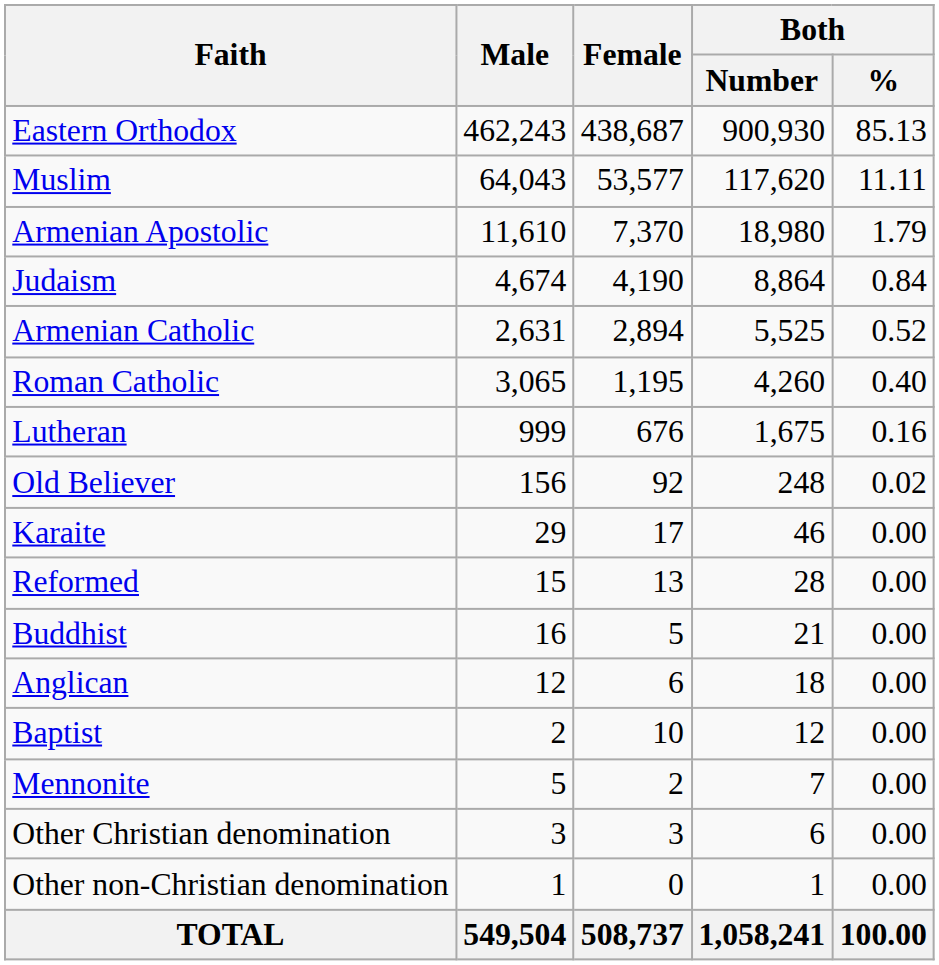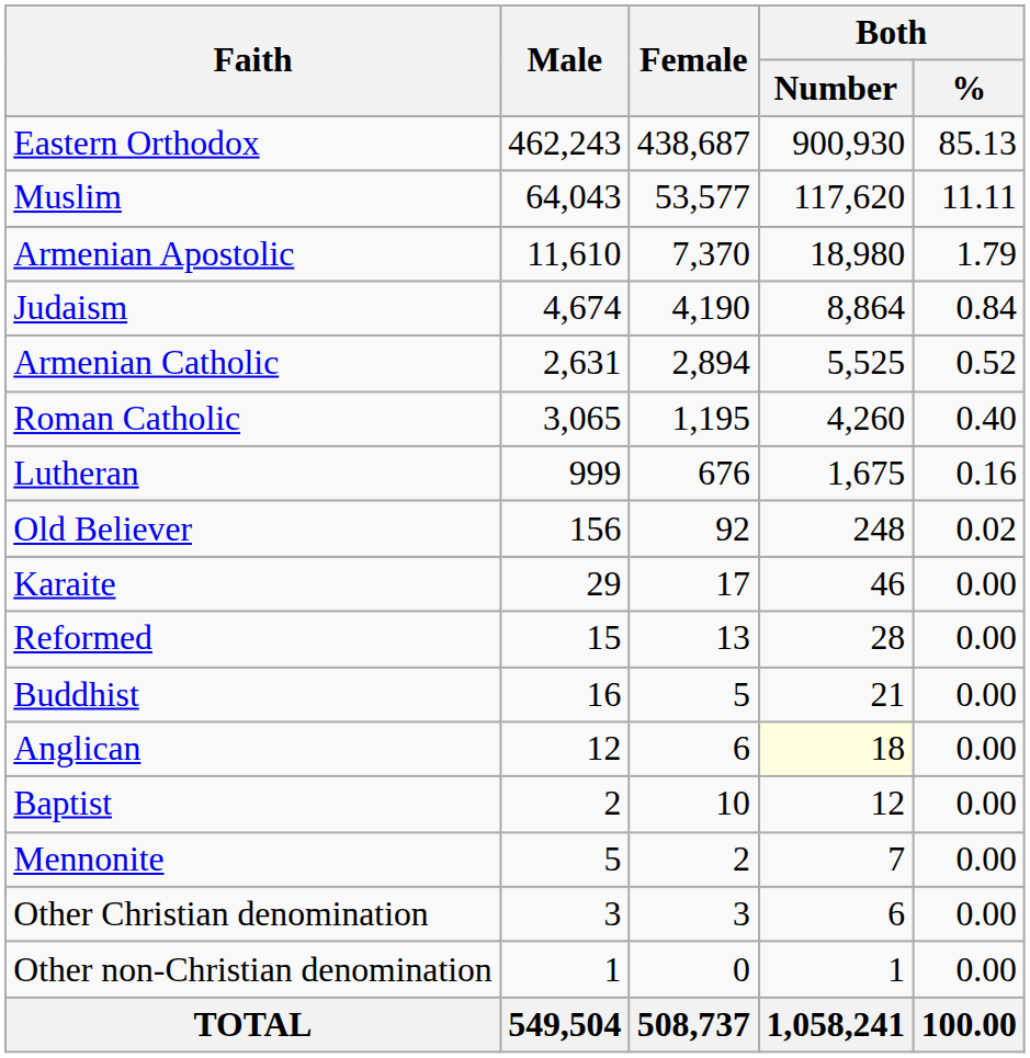 <table class="wikitable sortable">
 <tr>
 <th rowspan="2">Faith</th>
 <th rowspan="2">Male</th>
 <th rowspan="2">Female</th>
 <th colspan="2">Both</th>
 </tr>
 <tr>
 <th>Number</th>
 <th>%</th>
 </tr>
 <tr>
 <td><a href='#'>Eastern Orthodox</a></td>
 <td align="right">462,243</td>
 <td align="right">438,687</td>
 <td align="right">900,930</td>
 <td align="right">85.13</td>
 </tr>
 <tr>
 <td><a href='#'>Muslim</a></td>
 <td align="right">64,043</td>
 <td align="right">53,577</td>
 <td align="right">117,620</td>
 <td align="right">11.11</td>
 </tr>
 <tr>
 <td><a href='#'>Armenian Apostolic</a></td>
 <td align="right">11,610</td>
 <td align="right">7,370</td>
 <td align="right">18,980</td>
 <td align="right">1.79</td>
 </tr>
 <tr>
 <td><a href='#'>Judaism</a></td>
 <td align="right">4,674</td>
 <td align="right">4,190</td>
 <td align="right">8,864</td>
 <td align="right">0.84</td>
 </tr>
 <tr>
 <td><a href='#'>Armenian Catholic</a></td>
 <td align="right">2,631</td>
 <td align="right">2,894</td>
 <td align="right">5,525</td>
 <td align="right">0.52</td>
 </tr>
 <tr>
 <td><a href='#'>Roman Catholic</a></td>
 <td align="right">3,065</td>
 <td align="right">1,195</td>
 <td align="right">4,260</td>
 <td align="right">0.40</td>
 </tr>
 <tr>
 <td><a href='#'>Lutheran</a></td>
 <td align="right">999</td>
 <td align="right">676</td>
 <td align="right">1,675</td>
 <td align="right">0.16</td>
 </tr>
 <tr>
 <td><a href='#'>Old Believer</a></td>
 <td align="right">156</td>
 <td align="right">92</td>
 <td align="right">248</td>
 <td align="right">0.02</td>
 </tr>
 <tr>
 <td><a href='#'>Karaite</a></td>
 <td align="right">29</td>
 <td align="right">17</td>
 <td align="right">46</td>
 <td align="right">0.00</td>
 </tr>
 <tr>
 <td><a href='#'>Reformed</a></td>
 <td align="right">15</td>
 <td align="right">13</td>
 <td align="right">28</td>
 <td align="right">0.00</td>
 </tr>
 <tr>
 <td><a href='#'>Buddhist</a></td>
 <td align="right">16</td>
 <td align="right">5</td>
 <td align="right">21</td>
 <td align="right">0.00</td>
 </tr>
 <tr>
 <td><a href='#'>Anglican</a></td>
 <td align="right">12</td>
 <td align="right">6</td>
-<td align="right">18</td>
+<td align="right" style="background: lightyellow;">18</td>
 <td align="right">0.00</td>
 </tr>
 <tr>
 <td><a href='#'>Baptist</a></td>
 <td align="right">2</td>
 <td align="right">10</td>
 <td align="right">12</td>
 <td align="right">0.00</td>
 </tr>
 <tr>
 <td><a href='#'>Mennonite</a></td>
 <td align="right">5</td>
 <td align="right">2</td>
 <td align="right">7</td>
 <td align="right">0.00</td>
 </tr>
 <tr>
 <td>Other Christian denomination</td>
 <td align="right">3</td>
 <td align="right">3</td>
 <td align="right">6</td>
 <td align="right">0.00</td>
 </tr>
 <tr>
 <td>Other non-Christian denomination</td>
 <td align="right">1</td>
 <td align="right">0</td>
 <td align="right">1</td>
 <td align="right">0.00</td>
 </tr>
 <tr>
 <th>TOTAL</th>
 <th>549,504</th>
 <th>508,737</th>
 <th>1,058,241</th>
 <th>100.00</th>
 </tr>
 </table>
